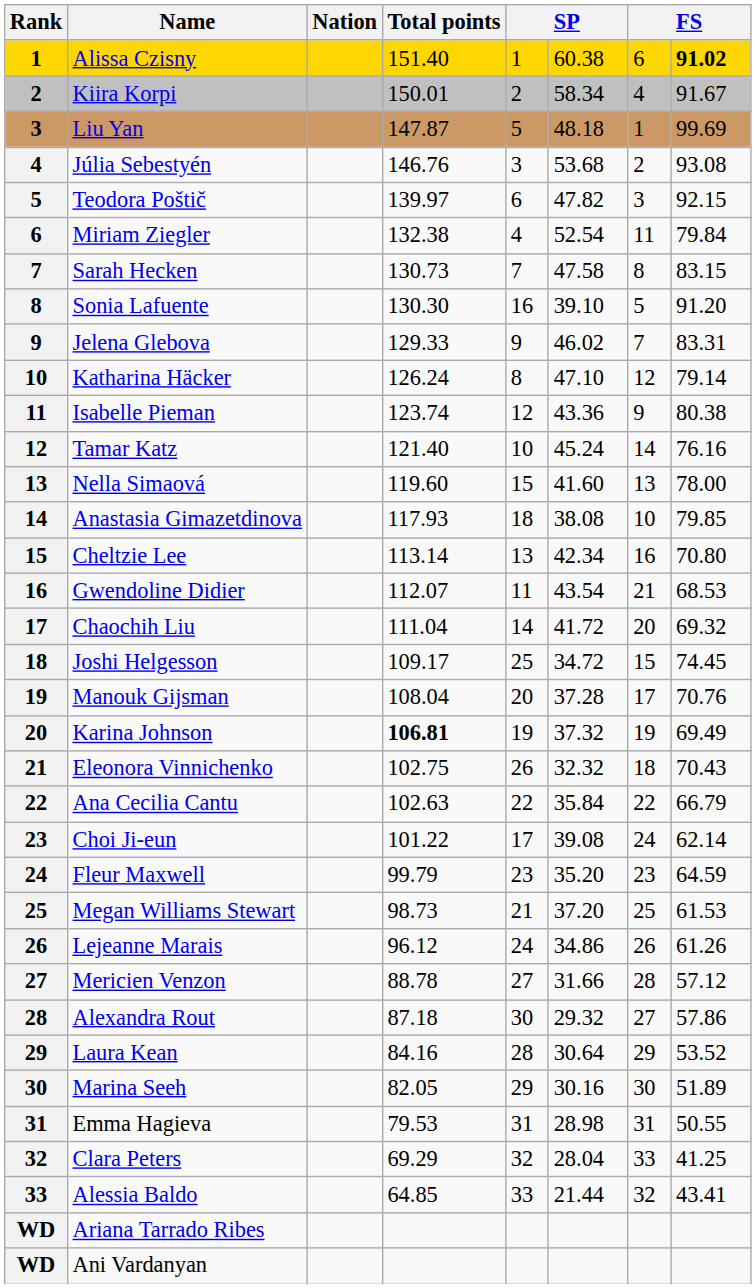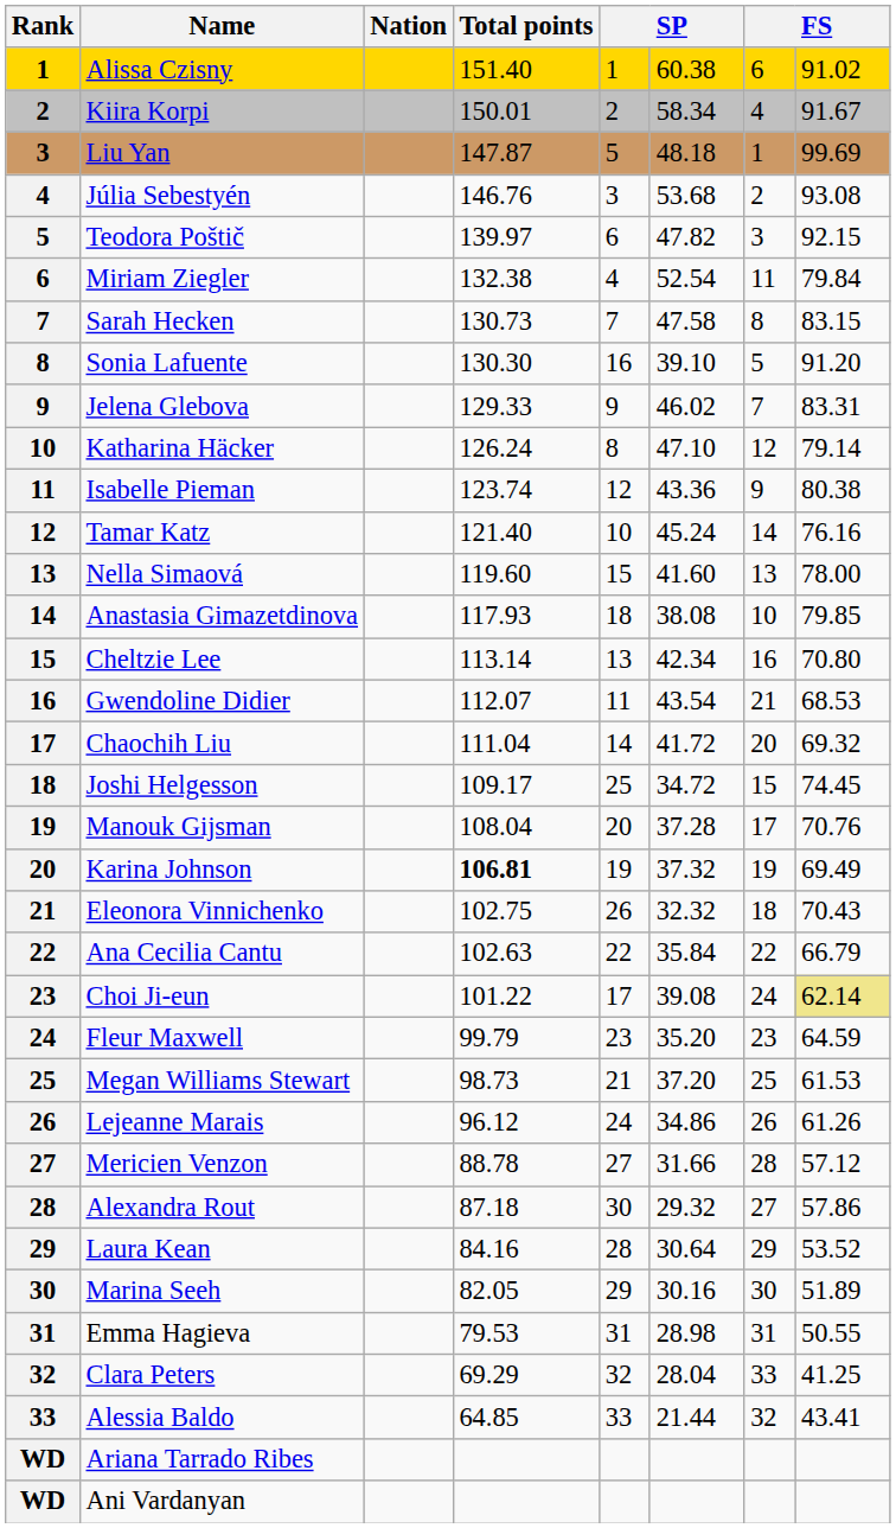 <table class="wikitable sortable">
 <tr>
 <th>Rank</th>
 <th>Name</th>
 <th>Nation</th>
 <th>Total points</th>
 <th colspan="2" width="80px"><a href='#'>SP</a></th>
 <th colspan="2" width="80px"><a href='#'>FS</a></th>
 </tr>
 <tr bgcolor="gold">
 <td align="center"><strong>1</strong></td>
 <td><a href='#'>Alissa Czisny</a></td>
 <td></td>
 <td>151.40</td>
 <td>1</td>
 <td>60.38</td>
 <td>6</td>
-<td><strong>91.02</strong></td>
+<td>91.02</td>
 </tr>
 <tr bgcolor="silver">
 <td align="center"><strong>2</strong></td>
 <td><a href='#'>Kiira Korpi</a></td>
 <td></td>
 <td>150.01</td>
 <td>2</td>
 <td>58.34</td>
 <td>4</td>
 <td>91.67</td>
 </tr>
 <tr bgcolor="cc9966">
 <td align="center"><strong>3</strong></td>
 <td><a href='#'>Liu Yan</a></td>
 <td></td>
 <td>147.87</td>
 <td>5</td>
 <td>48.18</td>
 <td>1</td>
 <td>99.69</td>
 </tr>
 <tr>
 <th>4</th>
 <td><a href='#'>Júlia Sebestyén</a></td>
 <td></td>
 <td>146.76</td>
 <td>3</td>
 <td>53.68</td>
 <td>2</td>
 <td>93.08</td>
 </tr>
 <tr>
 <th>5</th>
 <td><a href='#'>Teodora Poštič</a></td>
 <td></td>
 <td>139.97</td>
 <td>6</td>
 <td>47.82</td>
 <td>3</td>
 <td>92.15</td>
 </tr>
 <tr>
 <th>6</th>
 <td><a href='#'>Miriam Ziegler</a></td>
 <td></td>
 <td>132.38</td>
 <td>4</td>
 <td>52.54</td>
 <td>11</td>
 <td>79.84</td>
 </tr>
 <tr>
 <th>7</th>
 <td><a href='#'>Sarah Hecken</a></td>
 <td></td>
 <td>130.73</td>
 <td>7</td>
 <td>47.58</td>
 <td>8</td>
 <td>83.15</td>
 </tr>
 <tr>
 <th>8</th>
 <td><a href='#'>Sonia Lafuente</a></td>
 <td></td>
 <td>130.30</td>
 <td>16</td>
 <td>39.10</td>
 <td>5</td>
 <td>91.20</td>
 </tr>
 <tr>
 <th>9</th>
 <td><a href='#'>Jelena Glebova</a></td>
 <td></td>
 <td>129.33</td>
 <td>9</td>
 <td>46.02</td>
 <td>7</td>
 <td>83.31</td>
 </tr>
 <tr>
 <th>10</th>
 <td><a href='#'>Katharina Häcker</a></td>
 <td></td>
 <td>126.24</td>
 <td>8</td>
 <td>47.10</td>
 <td>12</td>
 <td>79.14</td>
 </tr>
 <tr>
 <th>11</th>
 <td><a href='#'>Isabelle Pieman</a></td>
 <td></td>
 <td>123.74</td>
 <td>12</td>
 <td>43.36</td>
 <td>9</td>
 <td>80.38</td>
 </tr>
 <tr>
 <th>12</th>
 <td><a href='#'>Tamar Katz</a></td>
 <td></td>
 <td>121.40</td>
 <td>10</td>
 <td>45.24</td>
 <td>14</td>
 <td>76.16</td>
 </tr>
 <tr>
 <th>13</th>
 <td><a href='#'>Nella Simaová</a></td>
 <td></td>
 <td>119.60</td>
 <td>15</td>
 <td>41.60</td>
 <td>13</td>
 <td>78.00</td>
 </tr>
 <tr>
 <th>14</th>
 <td><a href='#'>Anastasia Gimazetdinova</a></td>
 <td></td>
 <td>117.93</td>
 <td>18</td>
 <td>38.08</td>
 <td>10</td>
 <td>79.85</td>
 </tr>
 <tr>
 <th>15</th>
 <td><a href='#'>Cheltzie Lee</a></td>
 <td></td>
 <td>113.14</td>
 <td>13</td>
 <td>42.34</td>
 <td>16</td>
 <td>70.80</td>
 </tr>
 <tr>
 <th>16</th>
 <td><a href='#'>Gwendoline Didier</a></td>
 <td></td>
 <td>112.07</td>
 <td>11</td>
 <td>43.54</td>
 <td>21</td>
 <td>68.53</td>
 </tr>
 <tr>
 <th>17</th>
 <td><a href='#'>Chaochih Liu</a></td>
 <td></td>
 <td>111.04</td>
 <td>14</td>
 <td>41.72</td>
 <td>20</td>
 <td>69.32</td>
 </tr>
 <tr>
 <th>18</th>
 <td><a href='#'>Joshi Helgesson</a></td>
 <td></td>
 <td>109.17</td>
 <td>25</td>
 <td>34.72</td>
 <td>15</td>
 <td>74.45</td>
 </tr>
 <tr>
 <th>19</th>
 <td><a href='#'>Manouk Gijsman</a></td>
 <td></td>
 <td>108.04</td>
 <td>20</td>
 <td>37.28</td>
 <td>17</td>
 <td>70.76</td>
 </tr>
 <tr>
 <th>20</th>
 <td><a href='#'>Karina Johnson</a></td>
 <td></td>
 <td><strong>106.81</strong></td>
 <td>19</td>
 <td>37.32</td>
 <td>19</td>
 <td>69.49</td>
 </tr>
 <tr>
 <th>21</th>
 <td><a href='#'>Eleonora Vinnichenko</a></td>
 <td></td>
 <td>102.75</td>
 <td>26</td>
 <td>32.32</td>
 <td>18</td>
 <td>70.43</td>
 </tr>
 <tr>
 <th>22</th>
 <td><a href='#'>Ana Cecilia Cantu</a></td>
 <td></td>
 <td>102.63</td>
 <td>22</td>
 <td>35.84</td>
 <td>22</td>
 <td>66.79</td>
 </tr>
 <tr>
 <th>23</th>
 <td><a href='#'>Choi Ji-eun</a></td>
 <td></td>
 <td>101.22</td>
 <td>17</td>
 <td>39.08</td>
 <td>24</td>
-<td>62.14</td>
+<td style="background: khaki;">62.14</td>
 </tr>
 <tr>
 <th>24</th>
 <td><a href='#'>Fleur Maxwell</a></td>
 <td></td>
 <td>99.79</td>
 <td>23</td>
 <td>35.20</td>
 <td>23</td>
 <td>64.59</td>
 </tr>
 <tr>
 <th>25</th>
 <td><a href='#'>Megan Williams Stewart</a></td>
 <td></td>
 <td>98.73</td>
 <td>21</td>
 <td>37.20</td>
 <td>25</td>
 <td>61.53</td>
 </tr>
 <tr>
 <th>26</th>
 <td><a href='#'>Lejeanne Marais</a></td>
 <td></td>
 <td>96.12</td>
 <td>24</td>
 <td>34.86</td>
 <td>26</td>
 <td>61.26</td>
 </tr>
 <tr>
 <th>27</th>
 <td><a href='#'>Mericien Venzon</a></td>
 <td></td>
 <td>88.78</td>
 <td>27</td>
 <td>31.66</td>
 <td>28</td>
 <td>57.12</td>
 </tr>
 <tr>
 <th>28</th>
 <td><a href='#'>Alexandra Rout</a></td>
 <td></td>
 <td>87.18</td>
 <td>30</td>
 <td>29.32</td>
 <td>27</td>
 <td>57.86</td>
 </tr>
 <tr>
 <th>29</th>
 <td><a href='#'>Laura Kean</a></td>
 <td></td>
 <td>84.16</td>
 <td>28</td>
 <td>30.64</td>
 <td>29</td>
 <td>53.52</td>
 </tr>
 <tr>
 <th>30</th>
 <td><a href='#'>Marina Seeh</a></td>
 <td></td>
 <td>82.05</td>
 <td>29</td>
 <td>30.16</td>
 <td>30</td>
 <td>51.89</td>
 </tr>
 <tr>
 <th>31</th>
 <td>Emma Hagieva</td>
 <td></td>
 <td>79.53</td>
 <td>31</td>
 <td>28.98</td>
 <td>31</td>
 <td>50.55</td>
 </tr>
 <tr>
 <th>32</th>
 <td><a href='#'>Clara Peters</a></td>
 <td></td>
 <td>69.29</td>
 <td>32</td>
 <td>28.04</td>
 <td>33</td>
 <td>41.25</td>
 </tr>
 <tr>
 <th>33</th>
 <td><a href='#'>Alessia Baldo</a></td>
 <td></td>
 <td>64.85</td>
 <td>33</td>
 <td>21.44</td>
 <td>32</td>
 <td>43.41</td>
 </tr>
 <tr>
 <th>WD</th>
 <td><a href='#'>Ariana Tarrado Ribes</a></td>
 <td></td>
 <td></td>
 <td></td>
 <td></td>
 <td></td>
 <td></td>
 </tr>
 <tr>
 <th>WD</th>
 <td>Ani Vardanyan</td>
 <td></td>
 <td></td>
 <td></td>
 <td></td>
 <td></td>
 <td></td>
 </tr>
 </table>
